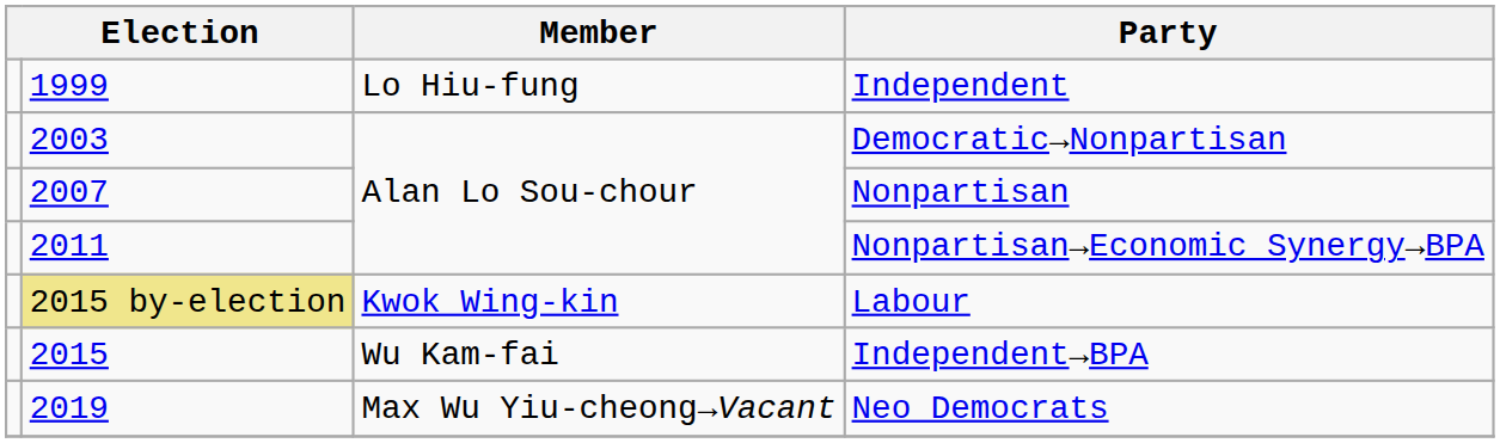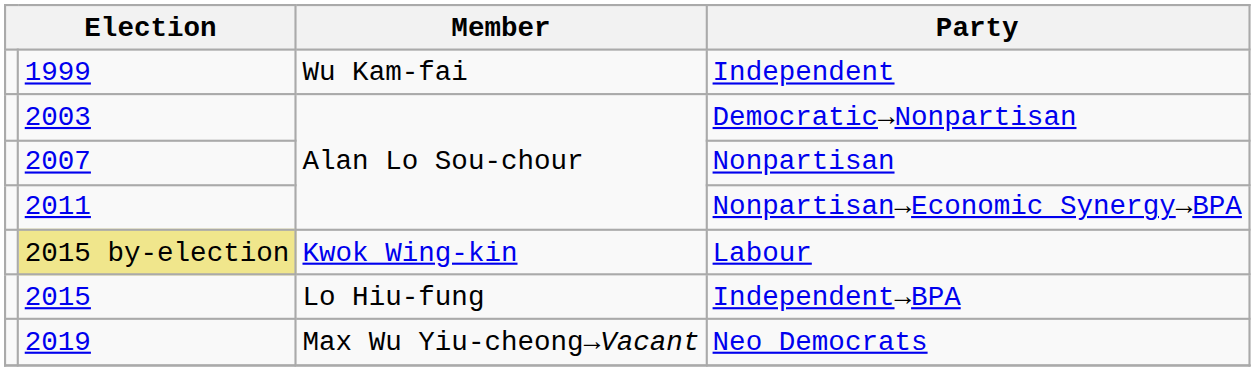 <table class="wikitable">
 <tr>
 <th colspan="2">Election</th>
 <th>Member</th>
 <th>Party</th>
 </tr>
 <tr>
 <td style="background-color: "></td>
 <td><a href='#'>1999</a></td>
-<td>Lo Hiu-fung</td>
+<td>Wu Kam-fai</td>
 <td><a href='#'>Independent</a></td>
 </tr>
 <tr>
 <td style="background-color: "></td>
 <td><a href='#'>2003</a></td>
 <td rowspan=3>Alan Lo Sou-chour</td>
 <td><a href='#'>Democratic</a>→<a href='#'>Nonpartisan</a></td>
 </tr>
 <tr>
 <td style="background-color: "></td>
 <td><a href='#'>2007</a></td>
 <td><a href='#'>Nonpartisan</a></td>
 </tr>
 <tr>
 <td style="background-color: "></td>
 <td><a href='#'>2011</a></td>
 <td><a href='#'>Nonpartisan</a>→<a href='#'>Economic Synergy</a>→<a href='#'>BPA</a></td>
 </tr>
 <tr>
 <td style="background-color: "></td>
 <td style="background: khaki;">2015 by-election</td>
 <td><a href='#'>Kwok Wing-kin</a></td>
 <td><a href='#'>Labour</a></td>
 </tr>
 <tr>
 <td style="background-color: "></td>
 <td><a href='#'>2015</a></td>
-<td>Wu Kam-fai</td>
+<td>Lo Hiu-fung</td>
 <td><a href='#'>Independent</a>→<a href='#'>BPA</a></td>
 </tr>
 <tr>
 <td style="background-color: "></td>
 <td><a href='#'>2019</a></td>
 <td>Max Wu Yiu-cheong→<em>Vacant</em></td>
 <td><a href='#'>Neo Democrats</a></td>
 </tr>
 <tr>
 </tr>
 </table>
